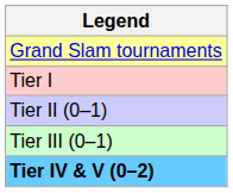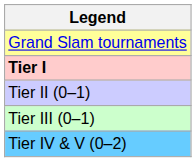 <table class=wikitable style="font-size:90%;">
 <tr>
 <th>Legend</th>
 </tr>
 <tr>
 <td align="center" bgcolor="#ffff99" colspan="2"><a href='#'>Grand Slam tournaments</a></td>
 </tr>
 <tr>
-<td bgcolor="#ffcccc">Tier I</td>
+<td bgcolor="#ffcccc"><strong>Tier I</strong></td>
 </tr>
 <tr>
 <td bgcolor="#ccccff">Tier II (0–1)</td>
 </tr>
 <tr>
 <td bgcolor="#ccffcc">Tier III (0–1)</td>
 </tr>
 <tr>
-<td bgcolor="#66ccff"><strong>Tier IV & V (0–2)</strong></td>
+<td bgcolor="#66ccff">Tier IV & V (0–2)</td>
 </tr>
 </table>
